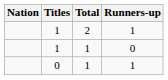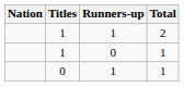 <table class="wikitable" style="text-align: center;">
 <tr>
 <th>Nation</th>
 <th>Titles</th>
+<th>Runners-up</th>
 <th>Total</th>
-<th>Runners-up</th>
-</tr>
-<tr>
-<td align=left></td>
-<td>1</td>
-<td>2</td>
-<td>1</td>
 </tr>
 <tr>
 <td align=left></td>
 <td>1</td>
 <td>1</td>
+<td>2</td>
+</tr>
+<tr>
+<td align=left></td>
+<td>1</td>
 <td>0</td>
+<td>1</td>
 </tr>
 <tr>
 <td align=left></td>
 <td>0</td>
 <td>1</td>
 <td>1</td>
 </tr>
 </table>
